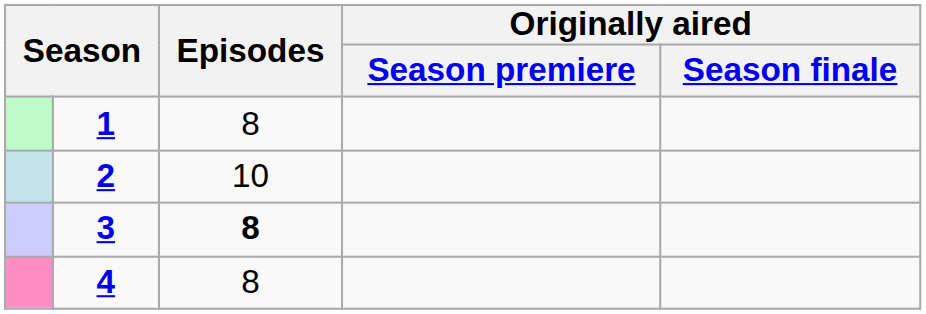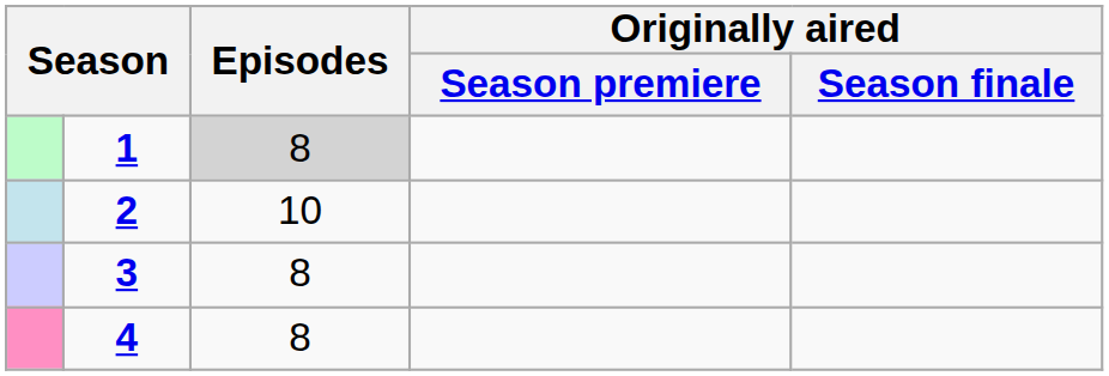 <table class="wikitable plainrowheaders"  style="text-align:center;">
 <tr>
 <th scope="col" style="padding:0 8px;" colspan="2" rowspan="2">Season</th>
 <th scope="col" style="padding:0 8px;" rowspan="2">Episodes</th>
 <th scope="col" style="padding:0 80px;" colspan="2">Originally aired</th>
 </tr>
 <tr>
 <th scope="col"><a href='#'>Season premiere</a></th>
 <th scope="col"><a href='#'>Season finale</a></th>
 </tr>
 <tr>
 <td scope="row" style="background:#BDFCC9;"></td>
 <td><strong><a href='#'>1</a></strong></td>
-<td>8</td>
+<td style="background: lightgrey;">8</td>
 <td></td>
 <td></td>
 </tr>
 <tr>
 <td scope="row" style="background:#C3E4ED;"></td>
 <td><strong><a href='#'>2</a></strong></td>
 <td>10</td>
 <td></td>
 <td></td>
 </tr>
 <tr>
 <td scope="row" style="background:#CCCCFF;"></td>
 <td><strong><a href='#'>3</a></strong></td>
-<td><strong>8</strong></td>
+<td>8</td>
 <td></td>
 <td></td>
 </tr>
 <tr>
 <td scope="row" style="background:#ff8fc3"></td>
 <td><strong><a href='#'>4</a></strong></td>
 <td>8</td>
 <td></td>
 <td></td>
 </tr>
 </table>
